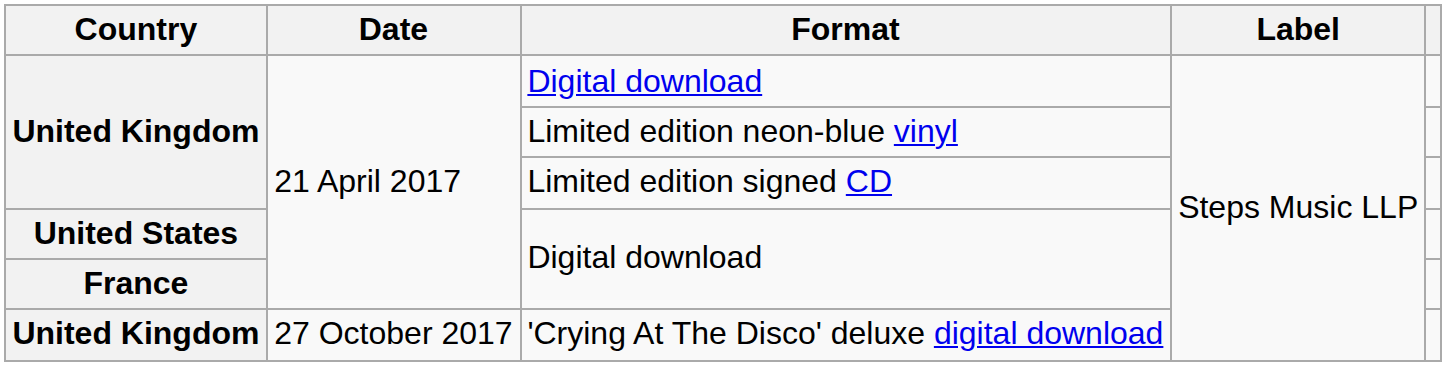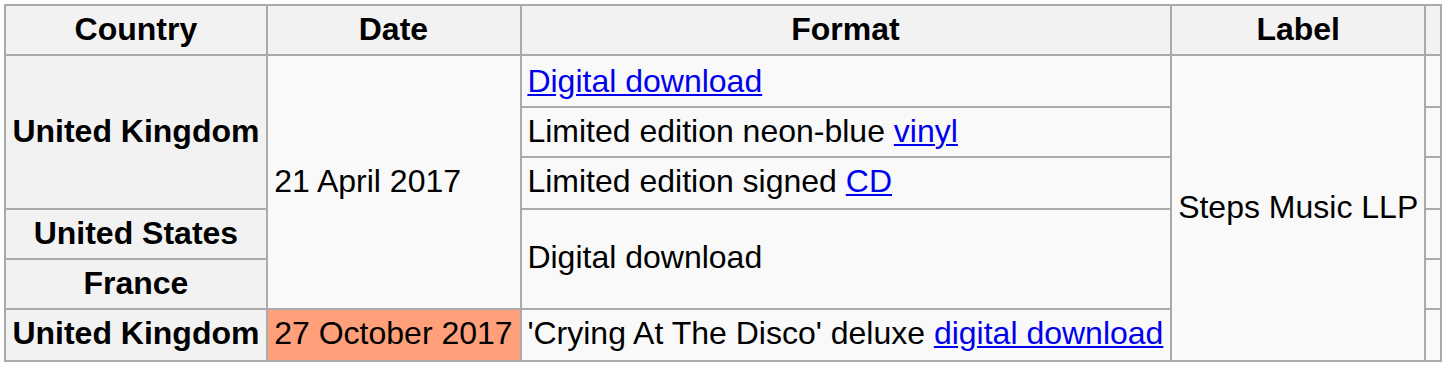 <table class="wikitable plainrowheaders">
 <tr>
 <th scope="col">Country</th>
 <th scope="col">Date</th>
 <th scope="col">Format</th>
 <th scope="col">Label</th>
 <th scope="col"></th>
 </tr>
 <tr>
 <th scope="row" rowspan="3">United Kingdom</th>
 <td rowspan="5">21 April 2017</td>
 <td><a href='#'>Digital download</a></td>
 <td rowspan="6">Steps Music LLP</td>
 <td style="text-align:center;"></td>
 </tr>
 <tr>
 <td>Limited edition neon-blue <a href='#'>vinyl</a></td>
 <td style="text-align:center;"></td>
 </tr>
 <tr>
 <td>Limited edition signed <a href='#'>CD</a></td>
 <td style="text-align:center;"></td>
 </tr>
 <tr>
 <th scope="row">United States</th>
 <td rowspan="2">Digital download</td>
 <td style="text-align:center;"></td>
 </tr>
 <tr>
 <th scope="row">France</th>
 <td style="text-align:center;"></td>
 </tr>
 <tr>
 <th scope="row" rowspan="3">United Kingdom</th>
-<td rowspan="1">27 October 2017</td>
+<td rowspan="1" style="background: lightsalmon;">27 October 2017</td>
 <td>'Crying At The Disco' deluxe <a href='#'>digital download</a></td>
 <td style="text-align:center;"></td>
 </tr>
 </table>
